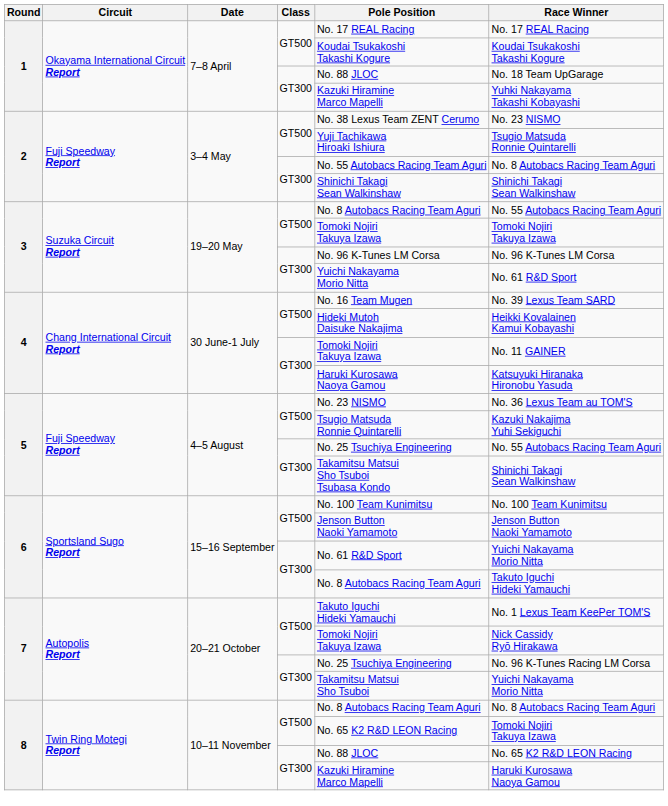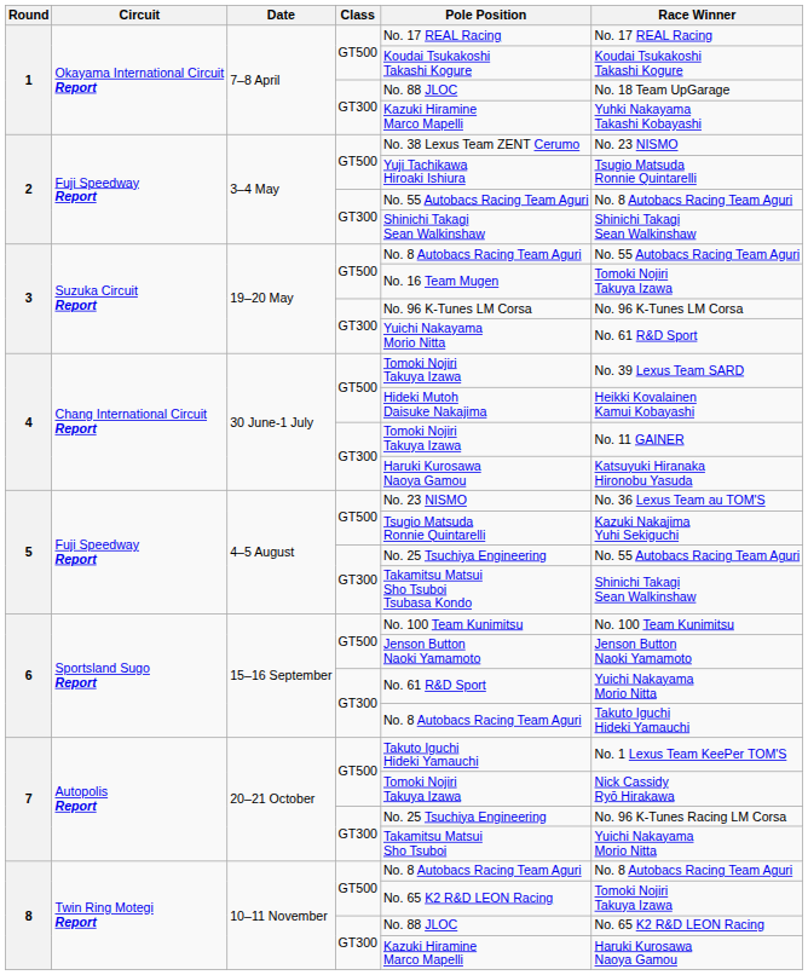 <table class="wikitable" style="font-size: 85%;">
 <tr>
 <th>Round</th>
 <th>Circuit</th>
 <th>Date</th>
 <th>Class</th>
 <th>Pole Position</th>
 <th>Race Winner</th>
 </tr>
 <tr>
 <th rowspan=4>1</th>
 <td rowspan=4> <a href='#'>Okayama International Circuit</a><br><strong><em><a href='#'>Report</a></em></strong></td>
 <td rowspan=4>7–8 April</td>
 <td align=center rowspan=2>GT500</td>
 <td>No. 17 <a href='#'>REAL Racing</a></td>
 <td>No. 17 <a href='#'>REAL Racing</a></td>
 </tr>
 <tr>
 <td> <a href='#'>Koudai Tsukakoshi</a><br> <a href='#'>Takashi Kogure</a></td>
 <td> <a href='#'>Koudai Tsukakoshi</a><br> <a href='#'>Takashi Kogure</a></td>
 </tr>
 <tr>
 <td align=center rowspan=2>GT300</td>
 <td>No. 88 <a href='#'>JLOC</a></td>
 <td>No. 18 Team UpGarage</td>
 </tr>
 <tr>
 <td> <a href='#'>Kazuki Hiramine</a><br> <a href='#'>Marco Mapelli</a></td>
 <td> <a href='#'>Yuhki Nakayama</a> <br> <a href='#'>Takashi Kobayashi</a></td>
 </tr>
 <tr>
 <th rowspan=4>2</th>
 <td rowspan=4> <a href='#'>Fuji Speedway</a><br><strong><em><a href='#'>Report</a></em></strong></td>
 <td rowspan=4>3–4 May</td>
 <td align=center rowspan=2>GT500</td>
 <td>No. 38 Lexus Team ZENT <a href='#'>Cerumo</a></td>
 <td>No. 23 <a href='#'>NISMO</a></td>
 </tr>
 <tr>
 <td> <a href='#'>Yuji Tachikawa</a><br> <a href='#'>Hiroaki Ishiura</a></td>
 <td> <a href='#'>Tsugio Matsuda</a><br> <a href='#'>Ronnie Quintarelli</a></td>
 </tr>
 <tr>
 <td align=center rowspan=2>GT300</td>
 <td>No. 55 <a href='#'>Autobacs Racing Team Aguri</a></td>
 <td>No. 8 <a href='#'>Autobacs Racing Team Aguri</a></td>
 </tr>
 <tr>
 <td> <a href='#'>Shinichi Takagi</a><br> <a href='#'>Sean Walkinshaw</a></td>
 <td> <a href='#'>Shinichi Takagi</a><br> <a href='#'>Sean Walkinshaw</a></td>
 </tr>
 <tr>
 <th rowspan=4>3</th>
 <td rowspan=4> <a href='#'>Suzuka Circuit</a><br><strong><em><a href='#'>Report</a></em></strong></td>
 <td rowspan=4>19–20 May</td>
 <td align=center rowspan=2>GT500</td>
 <td>No. 8 <a href='#'>Autobacs Racing Team Aguri</a></td>
 <td>No. 55 <a href='#'>Autobacs Racing Team Aguri</a></td>
 </tr>
 <tr>
-<td> <a href='#'>Tomoki Nojiri</a> <br> <a href='#'>Takuya Izawa</a></td>
+<td>No. 16 <a href='#'>Team Mugen</a></td>
 <td> <a href='#'>Tomoki Nojiri</a> <br> <a href='#'>Takuya Izawa</a></td>
 </tr>
 <tr>
 <td align=center rowspan=2>GT300</td>
 <td>No. 96 K-Tunes LM Corsa</td>
 <td>No. 96 K-Tunes LM Corsa</td>
 </tr>
 <tr>
 <td> <a href='#'>Yuichi Nakayama</a><br> <a href='#'>Morio Nitta</a></td>
 <td>No. 61 <a href='#'>R&D Sport</a></td>
 </tr>
 <tr>
 <th rowspan=4>4</th>
 <td rowspan=4> <a href='#'>Chang International Circuit</a><br><strong><em><a href='#'>Report</a></em></strong></td>
 <td rowspan=4>30 June-1 July</td>
 <td align=center rowspan=2>GT500</td>
-<td>No. 16 <a href='#'>Team Mugen</a></td>
+<td> <a href='#'>Tomoki Nojiri</a> <br> <a href='#'>Takuya Izawa</a></td>
 <td>No. 39 <a href='#'>Lexus Team SARD</a></td>
 </tr>
 <tr>
 <td> <a href='#'>Hideki Mutoh</a><br> <a href='#'>Daisuke Nakajima</a></td>
 <td> <a href='#'>Heikki Kovalainen</a><br> <a href='#'>Kamui Kobayashi</a></td>
 </tr>
 <tr>
 <td align=center rowspan=2>GT300</td>
 <td> <a href='#'>Tomoki Nojiri</a><br> <a href='#'>Takuya Izawa</a></td>
 <td>No. 11 <a href='#'>GAINER</a></td>
 </tr>
 <tr>
 <td> <a href='#'>Haruki Kurosawa</a><br> <a href='#'>Naoya Gamou</a></td>
 <td> <a href='#'>Katsuyuki Hiranaka</a><br> <a href='#'>Hironobu Yasuda</a></td>
 </tr>
 <tr>
 <th rowspan=4>5</th>
 <td rowspan=4> <a href='#'>Fuji Speedway</a><br><strong><em><a href='#'>Report</a></em></strong></td>
 <td rowspan=4>4–5 August</td>
 <td align=center rowspan=2>GT500</td>
 <td>No. 23 <a href='#'>NISMO</a></td>
 <td>No. 36 <a href='#'>Lexus Team au TOM'S</a></td>
 </tr>
 <tr>
 <td> <a href='#'>Tsugio Matsuda</a><br> <a href='#'>Ronnie Quintarelli</a></td>
 <td> <a href='#'>Kazuki Nakajima</a><br> <a href='#'>Yuhi Sekiguchi</a></td>
 </tr>
 <tr>
 <td align=center rowspan=2>GT300</td>
 <td>No. 25 <a href='#'>Tsuchiya Engineering</a></td>
 <td>No. 55 <a href='#'>Autobacs Racing Team Aguri</a></td>
 </tr>
 <tr>
 <td> <a href='#'>Takamitsu Matsui</a><br> <a href='#'>Sho Tsuboi</a><br> <a href='#'>Tsubasa Kondo</a></td>
 <td> <a href='#'>Shinichi Takagi</a><br> <a href='#'>Sean Walkinshaw</a></td>
 </tr>
 <tr>
 <th rowspan=4>6</th>
 <td rowspan=4> <a href='#'>Sportsland Sugo</a><br><strong><em><a href='#'>Report</a></em></strong></td>
 <td rowspan=4>15–16 September</td>
 <td align=center rowspan=2>GT500</td>
 <td>No. 100 <a href='#'>Team Kunimitsu</a></td>
 <td>No. 100 <a href='#'>Team Kunimitsu</a></td>
 </tr>
 <tr>
 <td> <a href='#'>Jenson Button</a><br> <a href='#'>Naoki Yamamoto</a></td>
 <td> <a href='#'>Jenson Button</a><br> <a href='#'>Naoki Yamamoto</a></td>
 </tr>
 <tr>
 <td align=center rowspan=2>GT300</td>
 <td>No. 61 <a href='#'>R&D Sport</a></td>
 <td> <a href='#'>Yuichi Nakayama</a><br> <a href='#'>Morio Nitta</a></td>
 </tr>
 <tr>
 <td>No. 8 <a href='#'>Autobacs Racing Team Aguri</a></td>
 <td> <a href='#'>Takuto Iguchi</a><br> <a href='#'>Hideki Yamauchi</a></td>
 </tr>
 <tr>
 <th rowspan=4>7</th>
 <td rowspan=4> <a href='#'>Autopolis</a><br><strong><em><a href='#'>Report</a></em></strong></td>
 <td rowspan=4>20–21 October</td>
 <td align=center rowspan=2>GT500</td>
 <td> <a href='#'>Takuto Iguchi</a><br> <a href='#'>Hideki Yamauchi</a></td>
 <td>No. 1 <a href='#'>Lexus Team KeePer TOM'S</a></td>
 </tr>
 <tr>
 <td> <a href='#'>Tomoki Nojiri</a><br> <a href='#'>Takuya Izawa</a></td>
 <td> <a href='#'>Nick Cassidy</a><br> <a href='#'>Ryō Hirakawa</a></td>
 </tr>
 <tr>
 <td align=center rowspan=2>GT300</td>
 <td>No. 25 <a href='#'>Tsuchiya Engineering</a></td>
 <td>No. 96 K-Tunes Racing LM Corsa</td>
 </tr>
 <tr>
 <td> <a href='#'>Takamitsu Matsui</a><br> <a href='#'>Sho Tsuboi</a></td>
 <td> <a href='#'>Yuichi Nakayama</a><br> <a href='#'>Morio Nitta</a></td>
 </tr>
 <tr>
 <th rowspan=4>8</th>
 <td rowspan=4> <a href='#'>Twin Ring Motegi</a><br><strong><em><a href='#'>Report</a></em></strong></td>
 <td rowspan=4>10–11 November</td>
 <td align=center rowspan=2>GT500</td>
 <td>No. 8 <a href='#'>Autobacs Racing Team Aguri</a></td>
 <td>No. 8 <a href='#'>Autobacs Racing Team Aguri</a></td>
 </tr>
 <tr>
 <td>No. 65 <a href='#'>K2 R&D LEON Racing</a></td>
 <td> <a href='#'>Tomoki Nojiri</a><br> <a href='#'>Takuya Izawa</a></td>
 </tr>
 <tr>
 <td align=center rowspan=2>GT300</td>
 <td>No. 88 <a href='#'>JLOC</a></td>
 <td>No. 65 <a href='#'>K2 R&D LEON Racing</a></td>
 </tr>
 <tr>
 <td> <a href='#'>Kazuki Hiramine</a><br> <a href='#'>Marco Mapelli</a></td>
 <td> <a href='#'>Haruki Kurosawa</a><br> <a href='#'>Naoya Gamou</a></td>
 </tr>
 </table>
